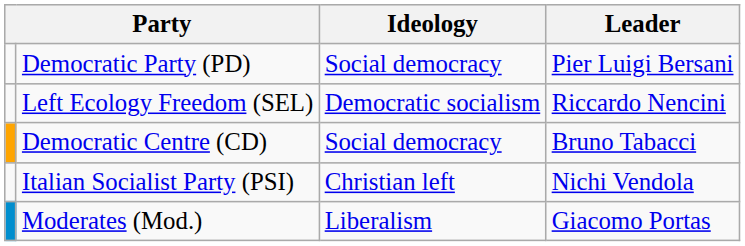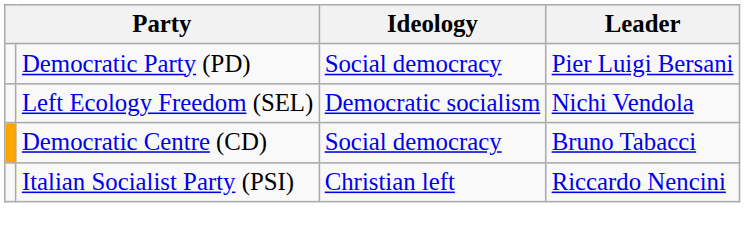 <table class=wikitable  style=text-align:left>
 <tr>
 <th colspan=2>Party</th>
 <th>Ideology</th>
 <th>Leader</th>
 </tr>
 <tr>
 <td></td>
 <td><a href='#'>Democratic Party</a> (PD)</td>
 <td><a href='#'>Social democracy</a></td>
 <td><a href='#'>Pier Luigi Bersani</a></td>
 </tr>
 <tr>
 <td></td>
 <td><a href='#'>Left Ecology Freedom</a> (SEL)</td>
 <td><a href='#'>Democratic socialism</a></td>
-<td><a href='#'>Riccardo Nencini</a></td>
+<td><a href='#'>Nichi Vendola</a></td>
 </tr>
 <tr>
 <td bgcolor="orange"></td>
 <td><a href='#'>Democratic Centre</a> (CD)</td>
 <td><a href='#'>Social democracy</a></td>
 <td><a href='#'>Bruno Tabacci</a></td>
 </tr>
 <tr>
 <td></td>
 <td><a href='#'>Italian Socialist Party</a> (PSI)</td>
 <td><a href='#'>Christian left</a></td>
-<td><a href='#'>Nichi Vendola</a></td>
-</tr>
-<tr>
-<td bgcolor="#008ECE"></td>
-<td><a href='#'>Moderates</a> (Mod.)</td>
-<td><a href='#'>Liberalism</a></td>
-<td><a href='#'>Giacomo Portas</a></td>
+<td><a href='#'>Riccardo Nencini</a></td>
 </tr>
 </table>
